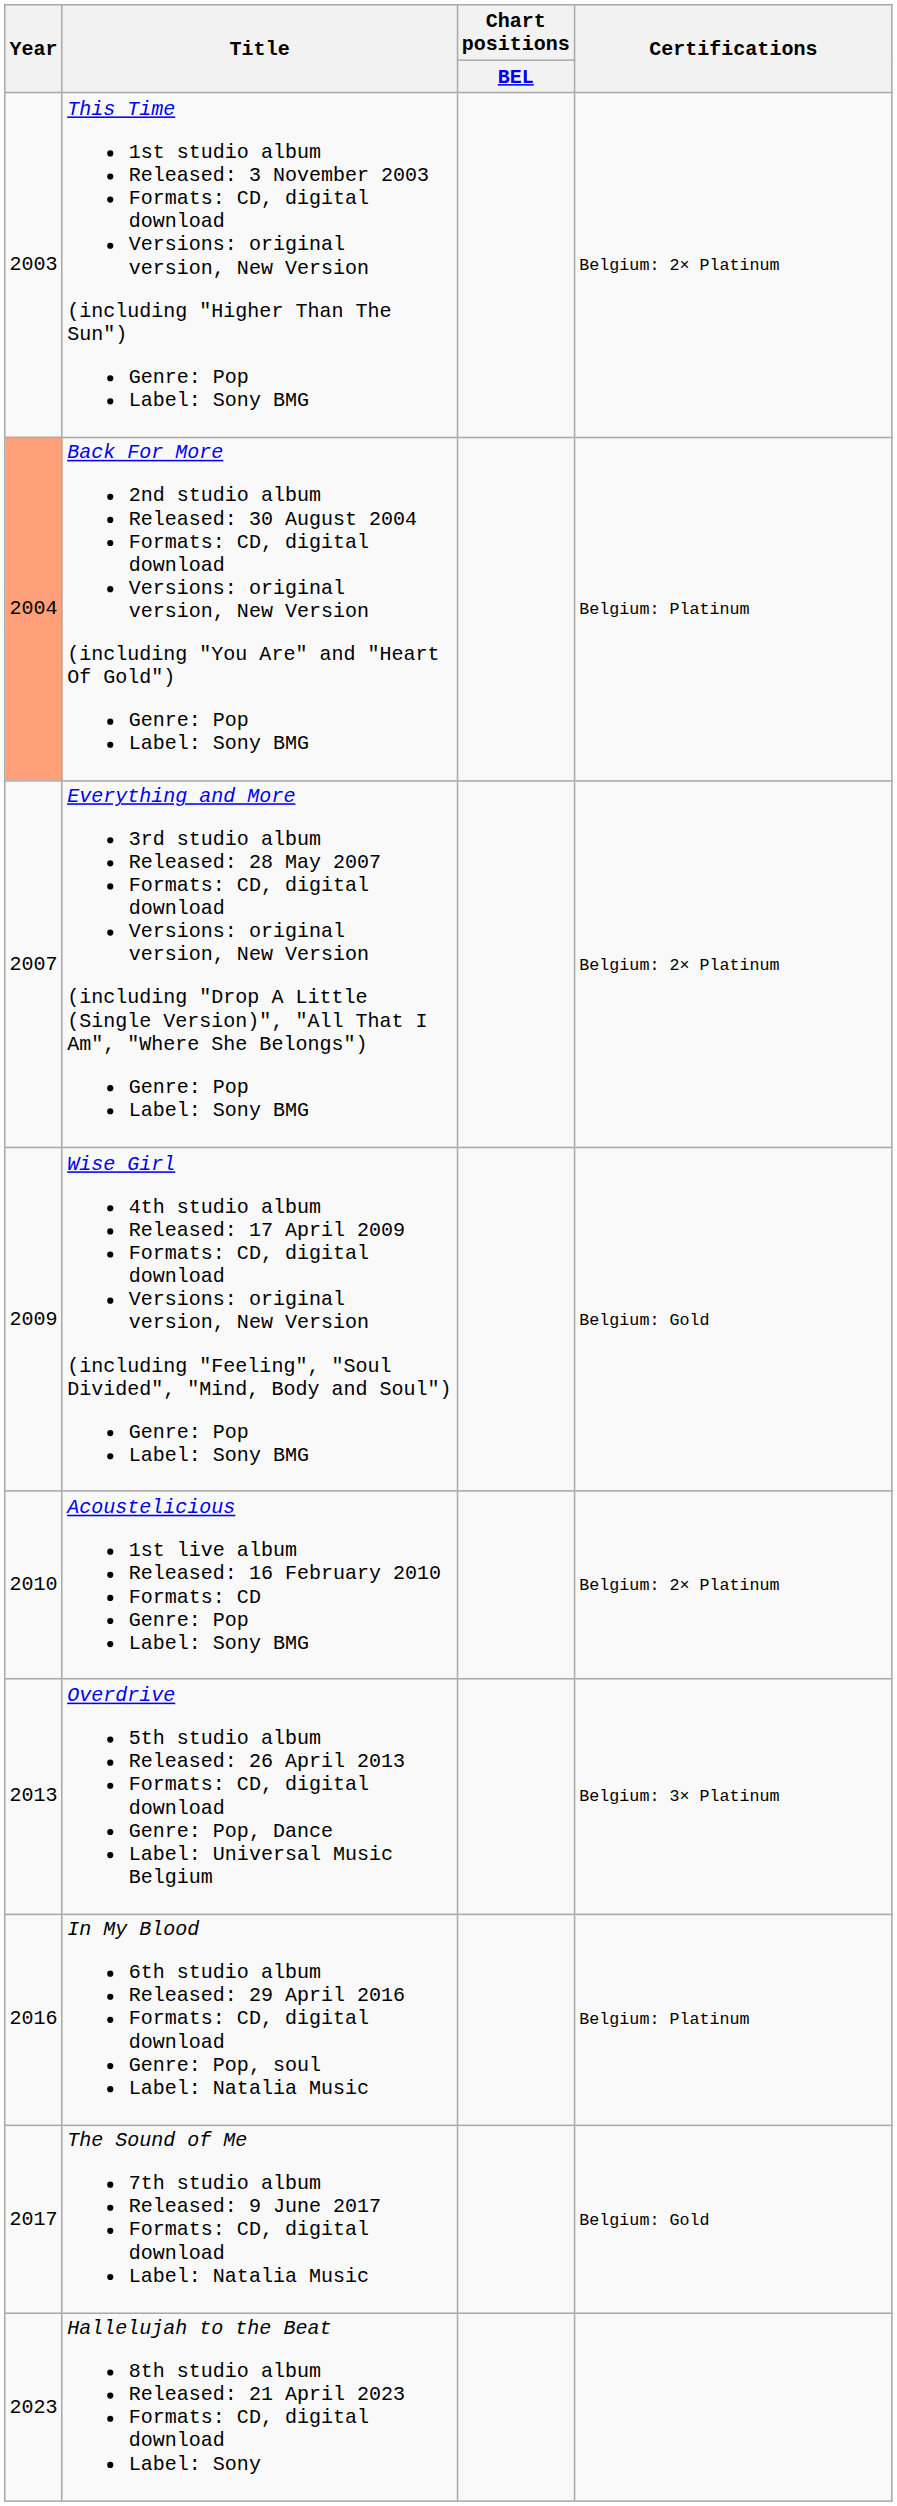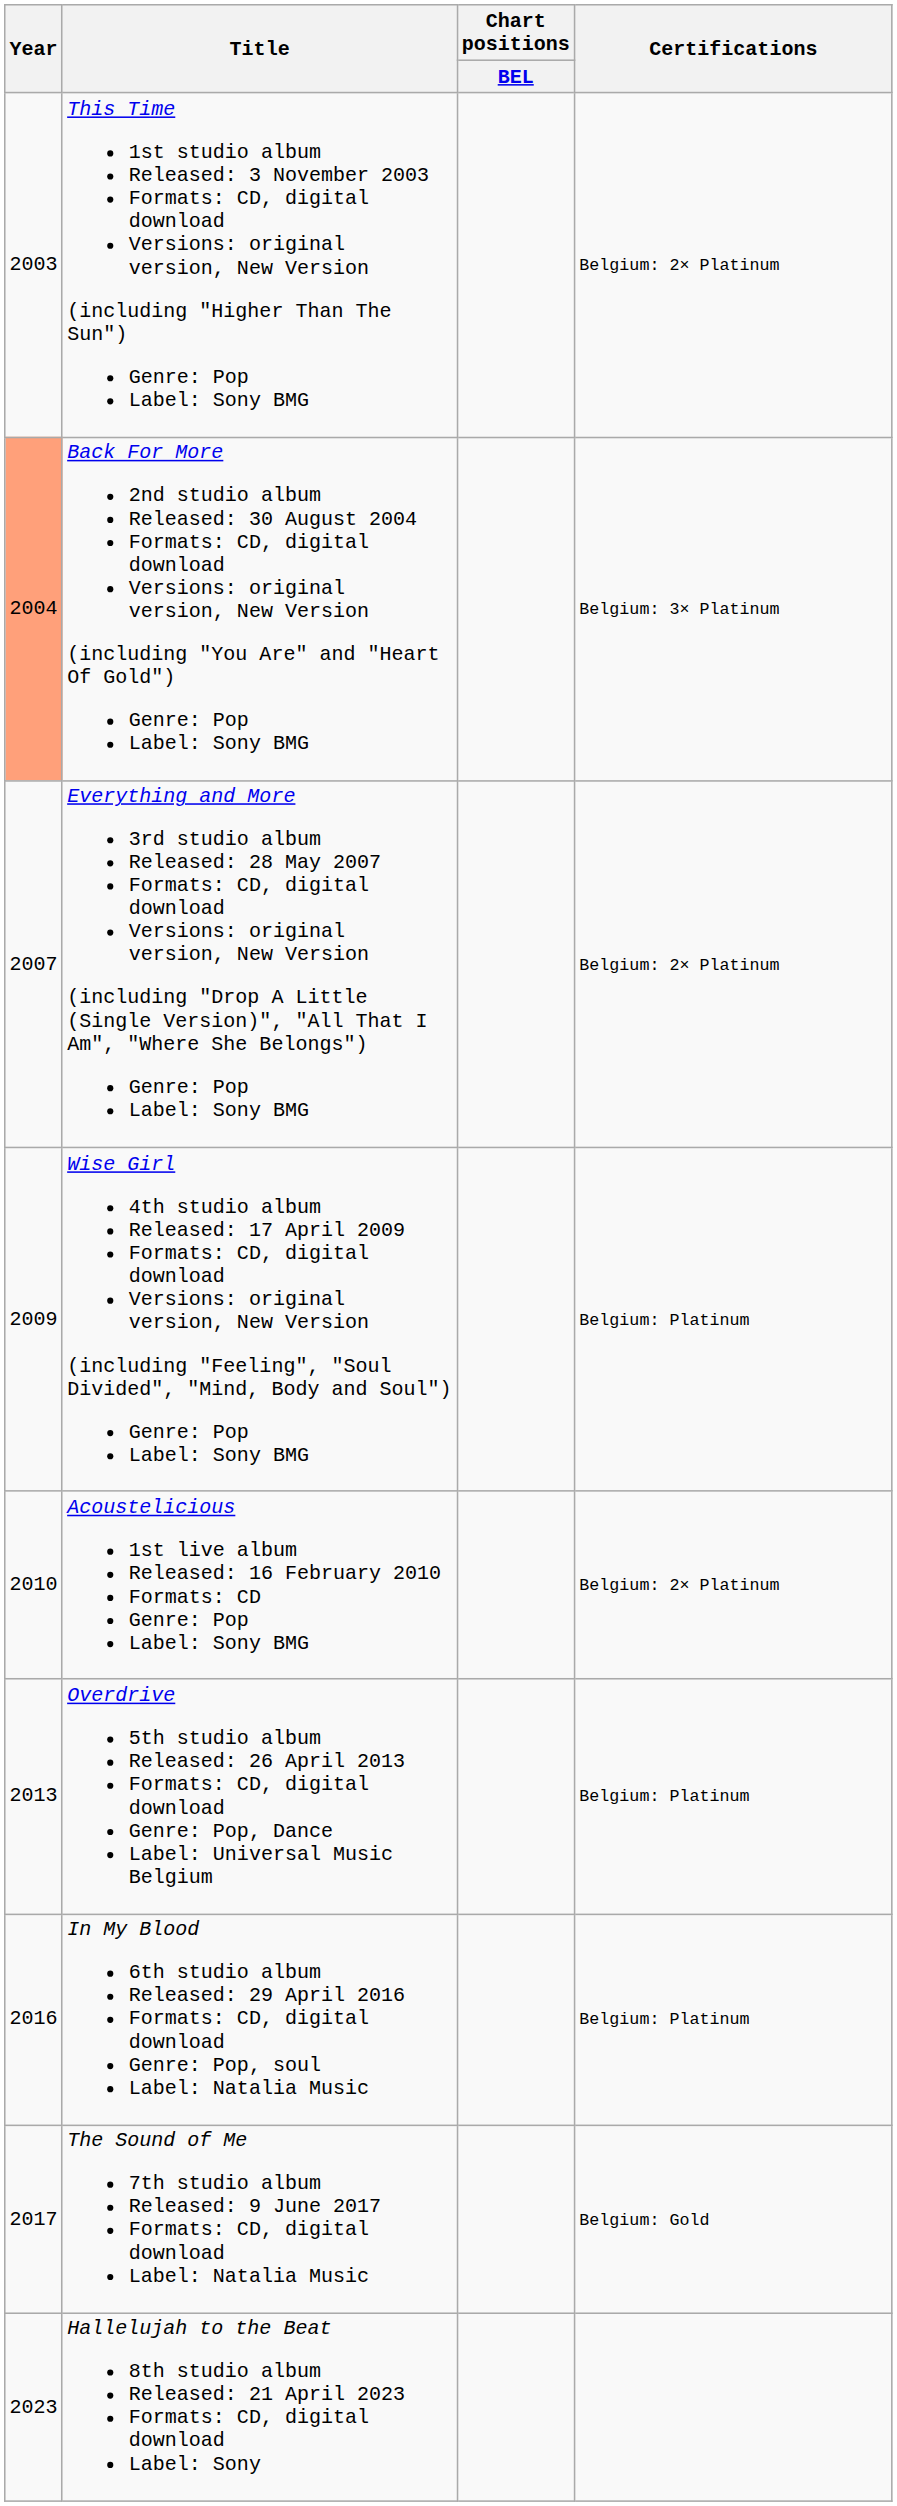 <table class="wikitable">
 <tr>
 <th width="20" rowspan="2"><strong>Year</strong></th>
 <th width="250" rowspan="2"><strong>Title</strong></th>
 <th colspan="1"><strong>Chart positions</strong></th>
 <th width="200" rowspan="2"><strong>Certifications</strong></th>
 </tr>
 <tr>
 <th width="30"><a href='#'>BEL</a><br></th>
 </tr>
 <tr>
 <td>2003</td>
 <td><em><a href='#'>This Time</a></em><br><ul><li>1st studio album</li><li>Released: 3 November 2003</li><li>Formats:  CD, digital download</li><li>Versions: original version, New Version</li></ul>(including "Higher Than The Sun")<ul><li>Genre: Pop</li><li>Label: Sony BMG</li></ul></td>
 <td></td>
 <td><small>Belgium: 2× Platinum</small></td>
 </tr>
 <tr>
 <td style="background: lightsalmon;">2004</td>
 <td><em><a href='#'>Back For More</a></em><br><ul><li>2nd studio album</li><li>Released: 30 August 2004</li><li>Formats:  CD, digital download</li><li>Versions: original version, New Version</li></ul>(including "You Are" and "Heart Of Gold")<ul><li>Genre: Pop</li><li>Label: Sony BMG</li></ul></td>
 <td></td>
-<td><small>Belgium: Platinum</small></td>
+<td><small>Belgium: 3× Platinum</small></td>
 </tr>
 <tr>
 <td>2007</td>
 <td><em><a href='#'>Everything and More</a></em><br><ul><li>3rd studio album</li><li>Released: 28 May 2007</li><li>Formats:  CD, digital download</li><li>Versions: original version, New Version</li></ul>(including "Drop A Little (Single Version)", "All That I Am", "Where She Belongs")<ul><li>Genre: Pop</li><li>Label: Sony BMG</li></ul></td>
 <td></td>
 <td><small>Belgium: 2× Platinum</small></td>
 </tr>
 <tr>
 <td>2009</td>
 <td><em><a href='#'>Wise Girl</a></em><br><ul><li>4th studio album</li><li>Released: 17 April 2009</li><li>Formats:  CD, digital download</li><li>Versions: original version, New Version</li></ul>(including "Feeling", "Soul Divided", "Mind, Body and Soul")<ul><li>Genre: Pop</li><li>Label: Sony BMG</li></ul></td>
 <td></td>
-<td><small>Belgium: Gold</small></td>
+<td><small>Belgium: Platinum</small></td>
 </tr>
 <tr>
 <td>2010</td>
 <td><em><a href='#'>Acoustelicious</a></em><br><ul><li>1st live album</li><li>Released: 16 February 2010</li><li>Formats:  CD</li><li>Genre: Pop</li><li>Label: Sony BMG</li></ul></td>
 <td></td>
 <td><small>Belgium: 2× Platinum</small></td>
 </tr>
 <tr>
 <td>2013</td>
 <td><em><a href='#'>Overdrive</a></em><br><ul><li>5th studio album</li><li>Released: 26 April 2013</li><li>Formats:  CD, digital download</li><li>Genre: Pop, Dance</li><li>Label: Universal Music Belgium</li></ul></td>
 <td></td>
-<td><small>Belgium: 3× Platinum</small></td>
+<td><small>Belgium: Platinum</small></td>
 </tr>
 <tr>
 <td>2016</td>
 <td><em>In My Blood</em><br><ul><li>6th studio album</li><li>Released: 29 April 2016</li><li>Formats: CD, digital download</li><li>Genre: Pop, soul</li><li>Label: Natalia Music</li></ul></td>
 <td></td>
 <td><small>Belgium: Platinum</small></td>
 </tr>
 <tr>
 <td>2017</td>
 <td><em>The Sound of Me</em><br><ul><li>7th studio album</li><li>Released: 9 June 2017</li><li>Formats: CD, digital download</li><li>Label: Natalia Music</li></ul></td>
 <td></td>
 <td><small>Belgium: Gold</small></td>
 </tr>
 <tr>
 <td>2023</td>
 <td><em>Hallelujah to the Beat</em><br><ul><li>8th studio album</li><li>Released: 21 April 2023</li><li>Formats: CD, digital download</li><li>Label: Sony</li></ul></td>
 <td></td>
 <td></td>
 </tr>
 </table>
